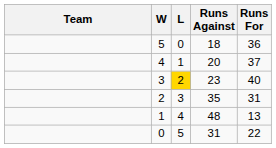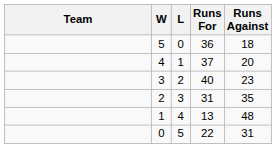 <table class="wikitable" style="text-align:center">
 <tr>
 <th width=200>Team</th>
 <th width=20>W</th>
 <th width=20>L</th>
+<th width=20>Runs For</th>
 <th width=20>Runs Against</th>
-<th width=20>Runs For</th>
 </tr>
 <tr>
 <td style="text-align:left;"></td>
 <td>5</td>
 <td>0</td>
+<td>36</td>
 <td>18</td>
-<td>36</td>
 </tr>
 <tr>
 <td style="text-align:left;"></td>
 <td>4</td>
 <td>1</td>
+<td>37</td>
 <td>20</td>
-<td>37</td>
 </tr>
 <tr>
 <td style="text-align:left;"></td>
 <td>3</td>
-<td style="background: gold;">2</td>
+<td>2</td>
+<td>40</td>
 <td>23</td>
-<td>40</td>
 </tr>
 <tr>
 <td style="text-align:left;"></td>
 <td>2</td>
 <td>3</td>
+<td>31</td>
 <td>35</td>
-<td>31</td>
 </tr>
 <tr>
 <td style="text-align:left;"></td>
 <td>1</td>
 <td>4</td>
+<td>13</td>
 <td>48</td>
-<td>13</td>
 </tr>
 <tr>
 <td style="text-align:left;"></td>
 <td>0</td>
 <td>5</td>
+<td>22</td>
 <td>31</td>
-<td>22</td>
 </tr>
 </table>
